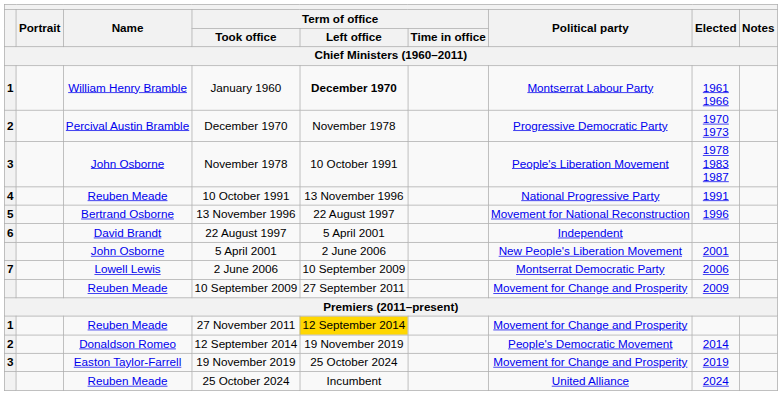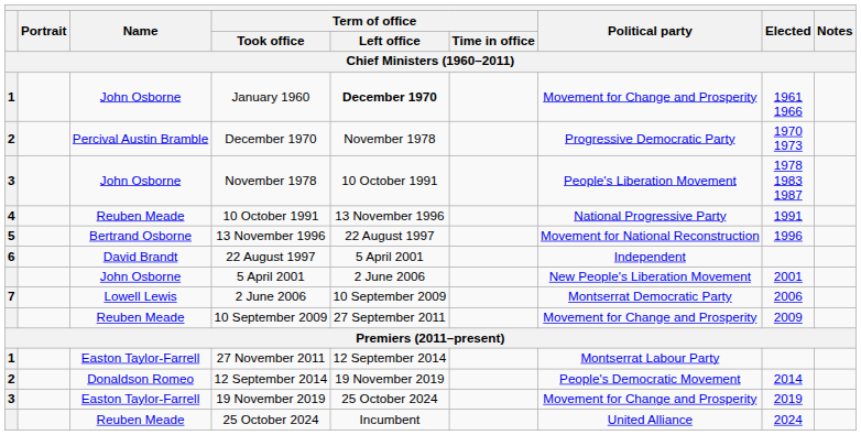 <table class="wikitable" style="text-align:center">
 <tr>
 <th colspan="9">         </th>
 </tr>
 <tr align=center bgcolor=#ebebeb>
 <th rowspan=2></th>
 <th rowspan=2>Portrait</th>
 <th rowspan=2>Name<br></th>
 <th colspan=3>Term of office</th>
 <th rowspan=2>Political party</th>
 <th rowspan=2>Elected</th>
 <th rowspan=2>Notes</th>
 </tr>
 <tr align=center bgcolor=#ebebeb>
 <th>Took office</th>
 <th>Left office</th>
 <th>Time in office</th>
 </tr>
 <tr>
 <th colspan="9">Chief Ministers (1960–2011)</th>
 </tr>
 <tr>
 <th style="background:">1</th>
 <td></td>
-<td><a href='#'>William Henry Bramble</a><br></td>
+<td><a href='#'>John Osborne</a><br></td>
 <td>January 1960</td>
 <td><strong>December 1970</strong></td>
 <td></td>
-<td><a href='#'>Montserrat Labour Party</a></td>
+<td><a href='#'>Movement for Change and Prosperity</a></td>
 <td><br><a href='#'>1961</a><br><a href='#'>1966</a></td>
 <td></td>
 </tr>
 <tr>
 <th style="background:">2</th>
 <td></td>
 <td><a href='#'>Percival Austin Bramble</a><br></td>
 <td>December 1970</td>
 <td>November 1978</td>
 <td></td>
 <td><a href='#'>Progressive Democratic Party</a></td>
 <td><a href='#'>1970</a><br><a href='#'>1973</a></td>
 <td></td>
 </tr>
 <tr>
 <th style="background:">3</th>
 <td></td>
 <td><a href='#'>John Osborne</a><br></td>
 <td>November 1978</td>
 <td>10 October 1991</td>
 <td></td>
 <td><a href='#'>People's Liberation Movement</a></td>
 <td><a href='#'>1978</a><br><a href='#'>1983</a><br><a href='#'>1987</a></td>
 <td></td>
 </tr>
 <tr>
 <th style="background:">4</th>
 <td></td>
 <td><a href='#'>Reuben Meade</a><br></td>
 <td>10 October 1991</td>
 <td>13 November 1996</td>
 <td></td>
 <td><a href='#'>National Progressive Party</a></td>
 <td><a href='#'>1991</a></td>
 <td></td>
 </tr>
 <tr>
 <th style="background:">5</th>
 <td></td>
 <td><a href='#'>Bertrand Osborne</a><br></td>
 <td>13 November 1996</td>
 <td>22 August 1997</td>
 <td></td>
 <td><a href='#'>Movement for National Reconstruction</a></td>
 <td><a href='#'>1996</a></td>
 <td></td>
 </tr>
 <tr>
 <th style="background:">6</th>
 <td></td>
 <td><a href='#'>David Brandt</a></td>
 <td>22 August 1997</td>
 <td>5 April 2001</td>
 <td></td>
 <td><a href='#'>Independent</a></td>
 <td></td>
 <td></td>
 </tr>
 <tr>
 <th style="background:"></th>
 <td></td>
 <td><a href='#'>John Osborne</a><br></td>
 <td>5 April 2001</td>
 <td>2 June 2006</td>
 <td></td>
 <td><a href='#'>New People's Liberation Movement</a></td>
 <td><a href='#'>2001</a></td>
 <td></td>
 </tr>
 <tr>
 <th style="background:">7</th>
 <td></td>
 <td><a href='#'>Lowell Lewis</a><br></td>
 <td>2 June 2006</td>
 <td>10 September 2009</td>
 <td></td>
 <td><a href='#'>Montserrat Democratic Party</a></td>
 <td><a href='#'>2006</a></td>
 <td></td>
 </tr>
 <tr>
 <th style="background:"></th>
 <td></td>
 <td><a href='#'>Reuben Meade</a><br></td>
 <td>10 September 2009</td>
 <td>27 September 2011</td>
 <td></td>
 <td><a href='#'>Movement for Change and Prosperity</a></td>
 <td><a href='#'>2009</a></td>
 <td></td>
 </tr>
 <tr>
 <th colspan="9">Premiers (2011–present)</th>
 </tr>
 <tr>
 <th style="background:">1</th>
 <td></td>
-<td><a href='#'>Reuben Meade</a><br></td>
+<td><a href='#'>Easton Taylor-Farrell</a></td>
 <td>27 November 2011</td>
-<td style="background: gold;">12 September 2014</td>
+<td>12 September 2014</td>
 <td></td>
-<td><a href='#'>Movement for Change and Prosperity</a></td>
+<td><a href='#'>Montserrat Labour Party</a></td>
 <td></td>
 <td></td>
 </tr>
 <tr>
 <th style="background:">2</th>
 <td></td>
 <td><a href='#'>Donaldson Romeo</a><br></td>
 <td>12 September 2014</td>
 <td>19 November 2019</td>
 <td></td>
 <td><a href='#'>People's Democratic Movement</a></td>
 <td><a href='#'>2014</a></td>
 <td></td>
 </tr>
 <tr>
 <th style="background:">3</th>
 <td></td>
 <td><a href='#'>Easton Taylor-Farrell</a></td>
 <td>19 November 2019</td>
 <td>25 October 2024</td>
 <td></td>
 <td><a href='#'>Movement for Change and Prosperity</a></td>
 <td><a href='#'>2019</a></td>
 <td></td>
 </tr>
 <tr>
 <th style="background:"></th>
 <td></td>
 <td><a href='#'>Reuben Meade</a><br></td>
 <td>25 October 2024</td>
 <td>Incumbent</td>
 <td></td>
 <td><a href='#'>United Alliance</a></td>
 <td><a href='#'>2024</a></td>
 <td></td>
 </tr>
 </table>
